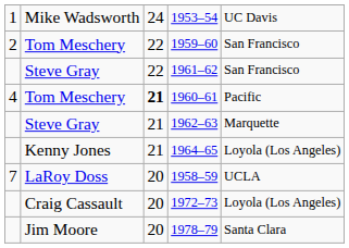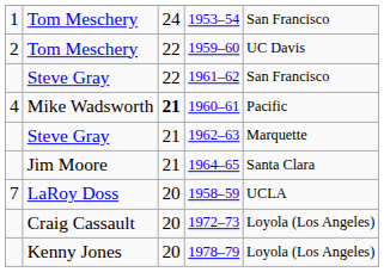 <table class="wikitable">
 <tr>
 </tr>
 <tr>
 <td>1</td>
-<td>Mike Wadsworth</td>
+<td><a href='#'>Tom Meschery</a></td>
 <td>24</td>
 <td style="font-size:80%;"><a href='#'>1953–54</a></td>
-<td style="font-size:80%;">UC Davis</td>
+<td style="font-size:80%;">San Francisco</td>
 </tr>
 <tr>
 <td>2</td>
 <td><a href='#'>Tom Meschery</a></td>
 <td>22</td>
 <td style="font-size:80%;"><a href='#'>1959–60</a></td>
-<td style="font-size:80%;">San Francisco</td>
+<td style="font-size:80%;">UC Davis</td>
 </tr>
 <tr>
 <td></td>
 <td><a href='#'>Steve Gray</a></td>
 <td>22</td>
 <td style="font-size:80%;"><a href='#'>1961–62</a></td>
 <td style="font-size:80%;">San Francisco</td>
 </tr>
 <tr>
 <td>4</td>
-<td><a href='#'>Tom Meschery</a></td>
+<td>Mike Wadsworth</td>
 <td><strong>21</strong></td>
 <td style="font-size:80%;"><a href='#'>1960–61</a></td>
 <td style="font-size:80%;">Pacific</td>
 </tr>
 <tr>
 <td></td>
 <td><a href='#'>Steve Gray</a></td>
 <td>21</td>
 <td style="font-size:80%;"><a href='#'>1962–63</a></td>
 <td style="font-size:80%;">Marquette</td>
 </tr>
 <tr>
 <td></td>
-<td>Kenny Jones</td>
+<td>Jim Moore</td>
 <td>21</td>
 <td style="font-size:80%;"><a href='#'>1964–65</a></td>
-<td style="font-size:80%;">Loyola (Los Angeles)</td>
+<td style="font-size:80%;">Santa Clara</td>
 </tr>
 <tr>
 <td>7</td>
 <td><a href='#'>LaRoy Doss</a></td>
 <td>20</td>
 <td style="font-size:80%;"><a href='#'>1958–59</a></td>
 <td style="font-size:80%;">UCLA</td>
 </tr>
 <tr>
 <td></td>
 <td>Craig Cassault</td>
 <td>20</td>
 <td style="font-size:80%;"><a href='#'>1972–73</a></td>
 <td style="font-size:80%;">Loyola (Los Angeles)</td>
 </tr>
 <tr>
 <td></td>
-<td>Jim Moore</td>
+<td>Kenny Jones</td>
 <td>20</td>
 <td style="font-size:80%;"><a href='#'>1978–79</a></td>
-<td style="font-size:80%;">Santa Clara</td>
+<td style="font-size:80%;">Loyola (Los Angeles)</td>
 </tr>
 </table>
